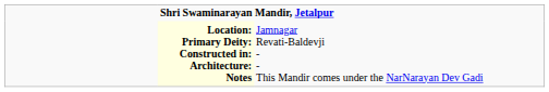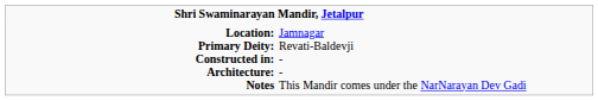 <table class="wikitable plain" border="0" width="800">
 <tr>
 <td width="220px" rowspan="2" style="border:none;"></td>
 <td valign="top" colspan=2 style="border:none;"><strong>Shri Swaminarayan Mandir, <a href='#'>Jetalpur</a></strong></td>
 </tr>
 <tr>
-<td valign="top" style="background: lightyellow; text-align:right; border:none;"><strong>Location:</strong> <br><strong>Primary Deity:</strong><br><strong>Constructed in:</strong><br><strong>Architecture:</strong><br><strong>Notes</strong></td>
+<td valign="top" style="text-align:right; border:none;"><strong>Location:</strong> <br><strong>Primary Deity:</strong><br><strong>Constructed in:</strong><br><strong>Architecture:</strong><br><strong>Notes</strong></td>
 <td valign="top" style="border:none;"><a href='#'>Jamnagar</a> <br> Revati-Baldevji <br>- <br>- <br>This Mandir comes under the <a href='#'>NarNarayan Dev Gadi</a></td>
 </tr>
 </table>
